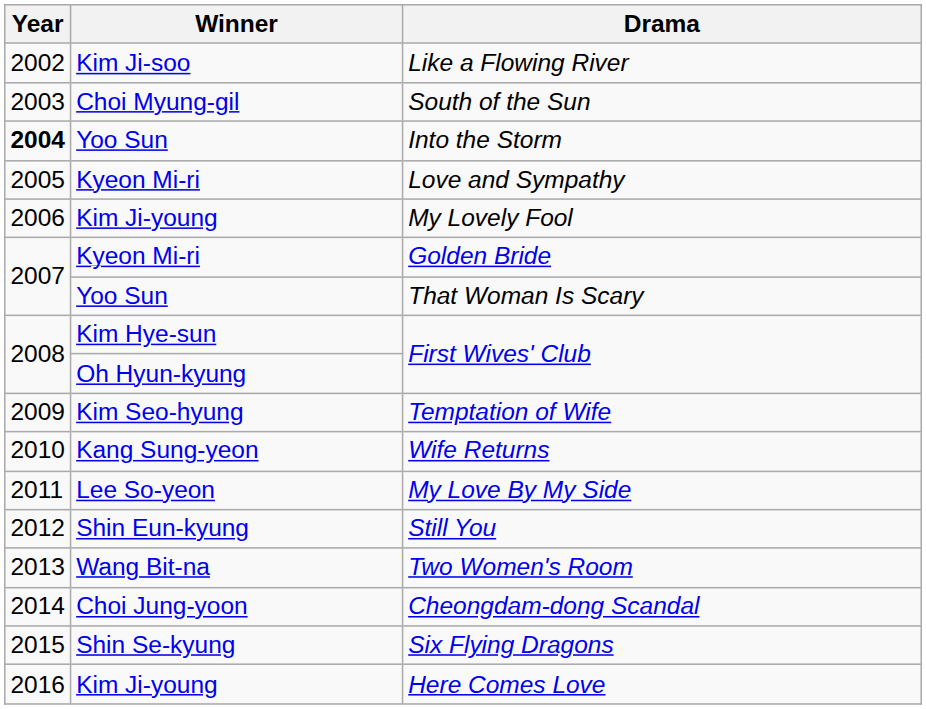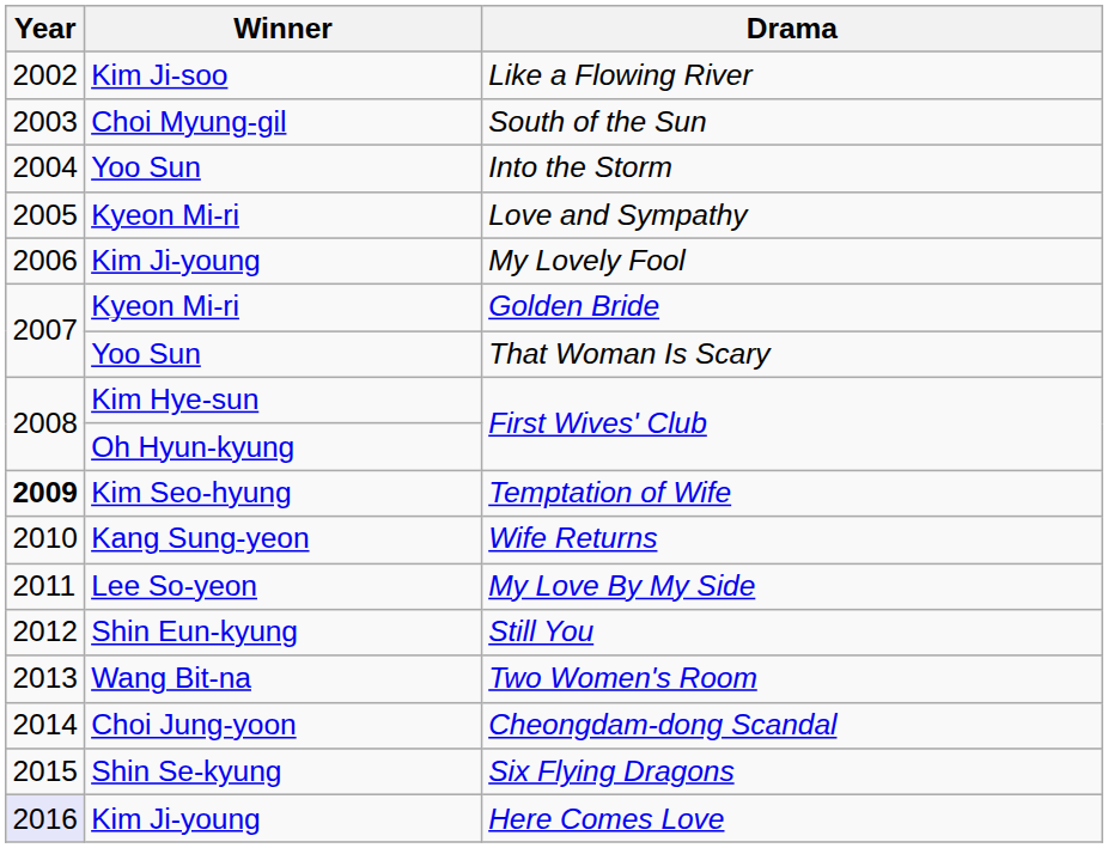 <table class="wikitable" style="width:600px">
 <tr>
 <th width=10>Year</th>
 <th>Winner</th>
 <th>Drama</th>
 </tr>
 <tr>
 <td>2002</td>
 <td><a href='#'>Kim Ji-soo</a></td>
 <td><em>Like a Flowing River</em></td>
 </tr>
 <tr>
 <td>2003</td>
 <td><a href='#'>Choi Myung-gil</a></td>
 <td><em>South of the Sun</em></td>
 </tr>
 <tr>
-<td><strong>2004</strong></td>
+<td>2004</td>
 <td><a href='#'>Yoo Sun</a></td>
 <td><em>Into the Storm</em></td>
 </tr>
 <tr>
 <td>2005</td>
 <td><a href='#'>Kyeon Mi-ri</a></td>
 <td><em>Love and Sympathy</em></td>
 </tr>
 <tr>
 <td>2006</td>
 <td><a href='#'>Kim Ji-young</a></td>
 <td><em>My Lovely Fool</em></td>
 </tr>
 <tr>
 <td rowspan=2>2007</td>
 <td><a href='#'>Kyeon Mi-ri</a></td>
 <td><em><a href='#'>Golden Bride</a></em></td>
 </tr>
 <tr>
 <td><a href='#'>Yoo Sun</a></td>
 <td><em>That Woman Is Scary</em></td>
 </tr>
 <tr>
 <td rowspan=2>2008</td>
 <td><a href='#'>Kim Hye-sun</a></td>
 <td rowspan=2><em><a href='#'>First Wives' Club</a></em></td>
 </tr>
 <tr>
 <td><a href='#'>Oh Hyun-kyung</a></td>
 </tr>
 <tr>
-<td>2009</td>
+<td><strong>2009</strong></td>
 <td><a href='#'>Kim Seo-hyung</a></td>
 <td><em><a href='#'>Temptation of Wife</a></em></td>
 </tr>
 <tr>
 <td>2010</td>
 <td><a href='#'>Kang Sung-yeon</a></td>
 <td><em><a href='#'>Wife Returns</a></em></td>
 </tr>
 <tr>
 <td>2011</td>
 <td><a href='#'>Lee So-yeon</a></td>
 <td><em><a href='#'>My Love By My Side</a></em></td>
 </tr>
 <tr>
 <td>2012</td>
 <td><a href='#'>Shin Eun-kyung</a></td>
 <td><em><a href='#'>Still You</a></em></td>
 </tr>
 <tr>
 <td>2013</td>
 <td><a href='#'>Wang Bit-na</a></td>
 <td><em><a href='#'>Two Women's Room</a></em></td>
 </tr>
 <tr>
 <td>2014</td>
 <td><a href='#'>Choi Jung-yoon</a></td>
 <td><em><a href='#'>Cheongdam-dong Scandal</a></em></td>
 </tr>
 <tr>
 <td>2015</td>
 <td><a href='#'>Shin Se-kyung</a></td>
 <td><em><a href='#'>Six Flying Dragons</a></em></td>
 </tr>
 <tr>
-<td>2016</td>
+<td style="background: lavender;">2016</td>
 <td><a href='#'>Kim Ji-young</a></td>
 <td><em><a href='#'>Here Comes Love</a></em></td>
 </tr>
 </table>
